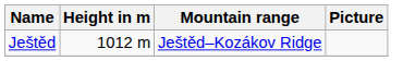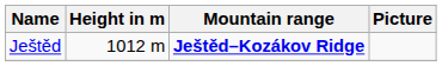 <table class="wikitable sortable">
 <tr>
 <th>Name</th>
 <th>Height in m</th>
 <th>Mountain range</th>
 <th>Picture</th>
 </tr>
 <tr>
 <td><a href='#'>Ještěd</a></td>
 <td style="text-align:right">1012 m</td>
-<td><a href='#'>Ještěd–Kozákov Ridge</a></td>
+<td><strong><a href='#'>Ještěd–Kozákov Ridge</a></strong></td>
 <td></td>
 </tr>
 <tr>
 </tr>
 </table>
